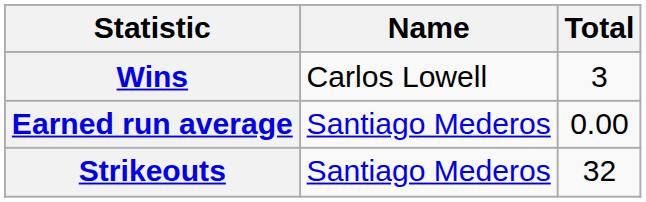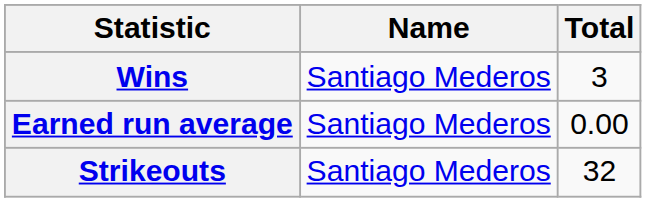 <table class="wikitable plainrowheaders">
 <tr>
 <th scope="col">Statistic</th>
 <th scope="col">Name</th>
 <th scope="col">Total</th>
 </tr>
 <tr>
 <th scope="row"><a href='#'>Wins</a></th>
-<td> Carlos Lowell</td>
+<td> <a href='#'>Santiago Mederos</a></td>
 <td align=center>3</td>
 </tr>
 <tr>
 <th scope="row"><a href='#'>Earned run average</a></th>
 <td> <a href='#'>Santiago Mederos</a></td>
 <td align=center>0.00</td>
 </tr>
 <tr>
 <th scope="row"><a href='#'>Strikeouts</a></th>
 <td> <a href='#'>Santiago Mederos</a></td>
 <td align=center>32</td>
 </tr>
 </table>
